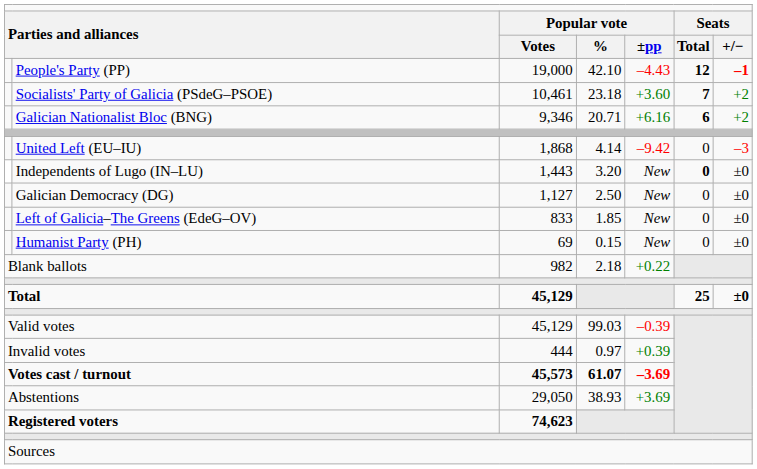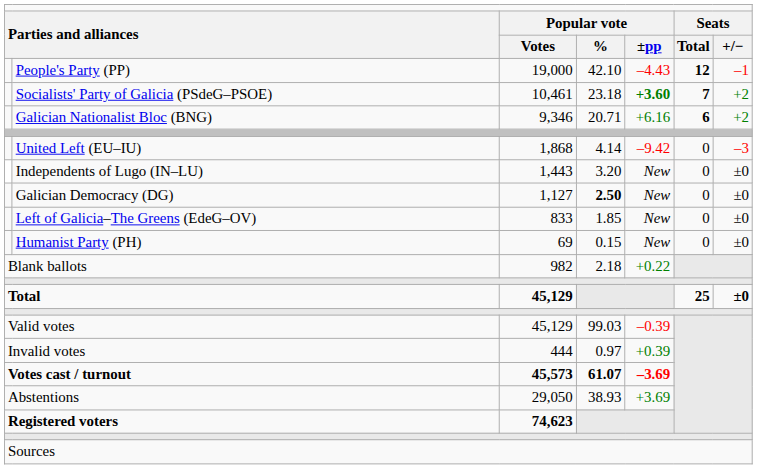 <table class="wikitable" style="text-align:right;">
 <tr>
 <td colspan="7"></td>
 </tr>
 <tr>
 <th style="text-align:left;" rowspan="2" colspan="2" width="525">Parties and alliances</th>
 <th colspan="3">Popular vote</th>
 <th colspan="2">Seats</th>
 </tr>
 <tr>
 <th width="75">Votes</th>
 <th width="45">%</th>
 <th width="45">±<a href='#'>pp</a></th>
 <th width="35">Total</th>
 <th width="35">+/−</th>
 </tr>
 <tr>
 <td width="1" style="color:inherit;background:"></td>
 <td align="left"><a href='#'>People's Party</a> (PP)</td>
 <td>19,000</td>
 <td>42.10</td>
 <td style="color:red;">–4.43</td>
 <td><strong>12</strong></td>
-<td style="color:red;"><strong>–1</strong></td>
+<td style="color:red;">–1</td>
 </tr>
 <tr>
 <td style="color:inherit;background:"></td>
 <td align="left"><a href='#'>Socialists' Party of Galicia</a> (PSdeG–PSOE)</td>
 <td>10,461</td>
 <td>23.18</td>
-<td style="color:green;">+3.60</td>
+<td style="color:green;"><strong>+3.60</strong></td>
 <td><strong>7</strong></td>
 <td style="color:green;">+2</td>
 </tr>
 <tr>
 <td style="color:inherit;background:"></td>
 <td align="left"><a href='#'>Galician Nationalist Bloc</a> (BNG)</td>
 <td>9,346</td>
 <td>20.71</td>
 <td style="color:green;">+6.16</td>
 <td><strong>6</strong></td>
 <td style="color:green;">+2</td>
 </tr>
 <tr>
 <td colspan="7" bgcolor="#C0C0C0"></td>
 </tr>
 <tr>
 <td style="color:inherit;background:"></td>
 <td align="left"><a href='#'>United Left</a> (EU–IU)</td>
 <td>1,868</td>
 <td>4.14</td>
 <td style="color:red;">–9.42</td>
 <td>0</td>
 <td style="color:red;">–3</td>
 </tr>
 <tr>
 <td bgcolor="white"></td>
 <td align="left">Independents of Lugo (IN–LU)</td>
 <td>1,443</td>
 <td>3.20</td>
 <td><em>New</em></td>
-<td><strong>0</strong></td>
+<td>0</td>
 <td>±0</td>
 </tr>
 <tr>
 <td style="color:inherit;background:"></td>
 <td align="left">Galician Democracy (DG)</td>
 <td>1,127</td>
-<td>2.50</td>
+<td><strong>2.50</strong></td>
 <td><em>New</em></td>
 <td>0</td>
 <td>±0</td>
 </tr>
 <tr>
 <td style="color:inherit;background:"></td>
 <td align="left"><a href='#'>Left of Galicia</a>–<a href='#'>The Greens</a> (EdeG–OV)</td>
 <td>833</td>
 <td>1.85</td>
 <td><em>New</em></td>
 <td>0</td>
 <td>±0</td>
 </tr>
 <tr>
 <td style="color:inherit;background:"></td>
 <td align="left"><a href='#'>Humanist Party</a> (PH)</td>
 <td>69</td>
 <td>0.15</td>
 <td><em>New</em></td>
 <td>0</td>
 <td>±0</td>
 </tr>
 <tr>
 <td align="left" colspan="2">Blank ballots</td>
 <td>982</td>
 <td>2.18</td>
 <td style="color:green;">+0.22</td>
 <td bgcolor="#E9E9E9" colspan="2"></td>
 </tr>
 <tr>
 <td colspan="7" bgcolor="#E9E9E9"></td>
 </tr>
 <tr style="font-weight:bold;">
 <td align="left" colspan="2">Total</td>
 <td>45,129</td>
 <td bgcolor="#E9E9E9" colspan="2"></td>
 <td>25</td>
 <td>±0</td>
 </tr>
 <tr>
 <td colspan="7" bgcolor="#E9E9E9"></td>
 </tr>
 <tr>
 <td align="left" colspan="2">Valid votes</td>
 <td>45,129</td>
 <td>99.03</td>
 <td style="color:red;">–0.39</td>
 <td bgcolor="#E9E9E9" colspan="2" rowspan="5"></td>
 </tr>
 <tr>
 <td align="left" colspan="2">Invalid votes</td>
 <td>444</td>
 <td>0.97</td>
 <td style="color:green;">+0.39</td>
 </tr>
 <tr style="font-weight:bold;">
 <td align="left" colspan="2">Votes cast / turnout</td>
 <td>45,573</td>
 <td>61.07</td>
 <td style="color:red;">–3.69</td>
 </tr>
 <tr>
 <td align="left" colspan="2">Abstentions</td>
 <td>29,050</td>
 <td>38.93</td>
 <td style="color:green;">+3.69</td>
 </tr>
 <tr style="font-weight:bold;">
 <td align="left" colspan="2">Registered voters</td>
 <td>74,623</td>
 <td bgcolor="#E9E9E9" colspan="2"></td>
 </tr>
 <tr>
 <td colspan="7" bgcolor="#E9E9E9"></td>
 </tr>
 <tr>
 <td align="left" colspan="7">Sources</td>
 </tr>
 </table>
